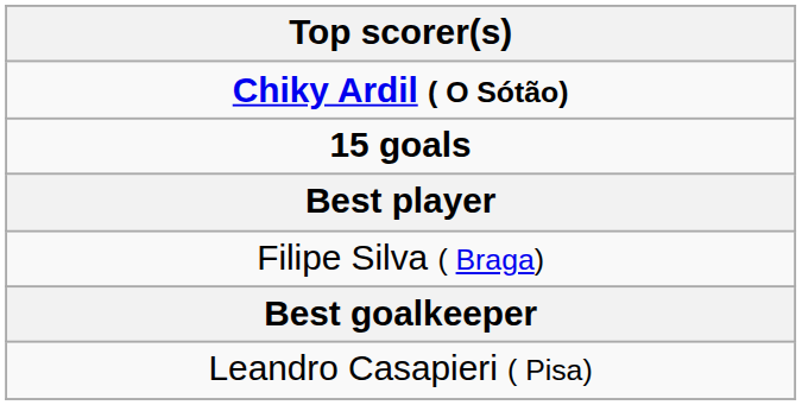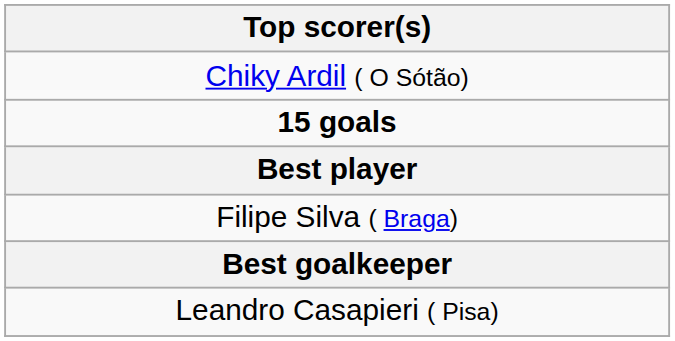 <table class="wikitable" style="margin: 1em auto 1em auto;">
 <tr>
 <th width=350 colspan=3>Top scorer(s)</th>
 </tr>
 <tr align=center style="background:">
-<td style="text-align:center;"><strong> <a href='#'>Chiky Ardil</a> <small>( O Sótão)</small></strong></td>
+<td style="text-align:center;"> <a href='#'>Chiky Ardil</a> <small>( O Sótão)</small></td>
 </tr>
 <tr>
 <td style="text-align:center;"><strong>15 goals</strong></td>
 </tr>
 <tr>
 <th colspan=3>Best player</th>
 </tr>
 <tr>
 <td style="text-align:center;"> Filipe Silva <small>( <a href='#'>Braga</a>)</small></td>
 </tr>
 <tr>
 <th colspan=3>Best goalkeeper</th>
 </tr>
 <tr>
 <td style="text-align:center;"> Leandro Casapieri <small>( Pisa)</small></td>
 </tr>
 </table>
